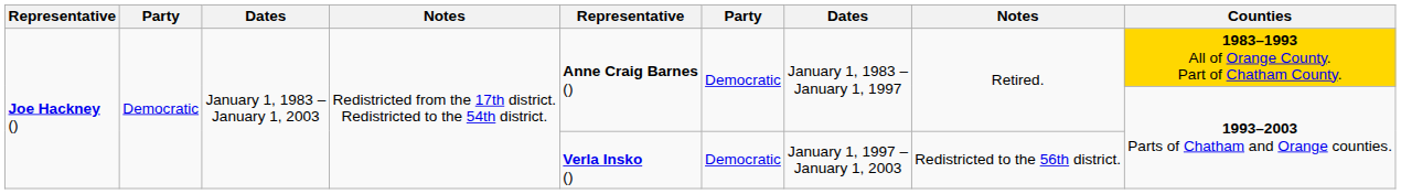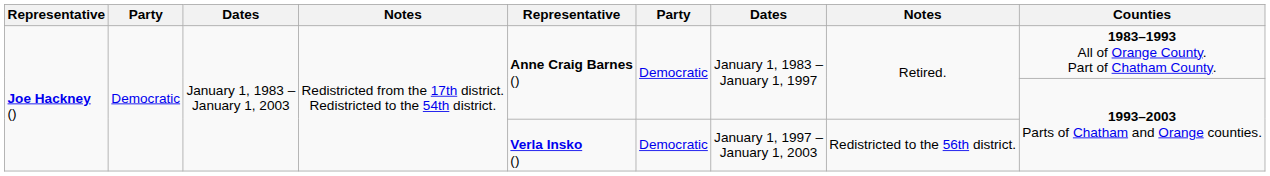 <table class=wikitable style="text-align:center">
 <tr>
 <th>Representative</th>
 <th>Party</th>
 <th>Dates</th>
 <th>Notes</th>
 <th>Representative</th>
 <th>Party</th>
 <th>Dates</th>
 <th>Notes</th>
 <th>Counties</th>
 </tr>
 <tr style="height:3em">
 <td rowspan=3 align=left><br><strong><a href='#'>Joe Hackney</a></strong><br>()</td>
 <td rowspan=3 ><a href='#'>Democratic</a></td>
 <td rowspan=3 nowrap>January 1, 1983 – <br> January 1, 2003</td>
 <td rowspan=3>Redistricted from the <a href='#'>17th</a> district. <br> Redistricted to the <a href='#'>54th</a> district.</td>
 <td rowspan=2 align=left><strong>Anne Craig Barnes</strong><br>()</td>
 <td rowspan=2 ><a href='#'>Democratic</a></td>
 <td rowspan=2 nowrap>January 1, 1983 – <br> January 1, 1997</td>
 <td rowspan=2>Retired.</td>
-<td style="background: gold;"><strong>1983–1993</strong> <br> All of <a href='#'>Orange County</a>. <br> Part of <a href='#'>Chatham County</a>.</td>
+<td><strong>1983–1993</strong> <br> All of <a href='#'>Orange County</a>. <br> Part of <a href='#'>Chatham County</a>.</td>
 </tr>
 <tr style="height:3em">
 <td rowspan=2><strong>1993–2003</strong><br> Parts of <a href='#'>Chatham</a> and <a href='#'>Orange</a> counties.</td>
 </tr>
 <tr style="height:3em">
 <td align=left><br><strong><a href='#'>Verla Insko</a></strong><br>()</td>
 <td><a href='#'>Democratic</a></td>
 <td nowrap>January 1, 1997 – <br> January 1, 2003</td>
 <td>Redistricted to the <a href='#'>56th</a> district.</td>
 </tr>
 </table>
